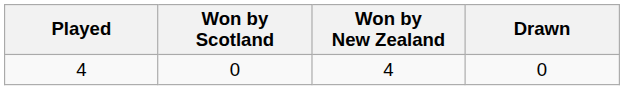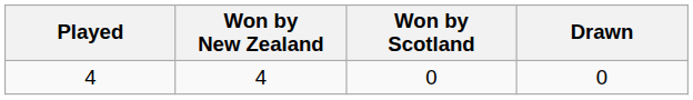 <table class="wikitable">
 <tr>
 <th width="125">Played</th>
+<th width="125">Won by<br>New Zealand</th>
 <th width="125">Won by<br>Scotland</th>
-<th width="125">Won by<br>New Zealand</th>
 <th width="125">Drawn</th>
 </tr>
 <tr>
 <td align=center>4</td>
+<td align=center>4</td>
 <td align=center>0</td>
-<td align=center>4</td>
 <td align=center>0</td>
 </tr>
 </table>
